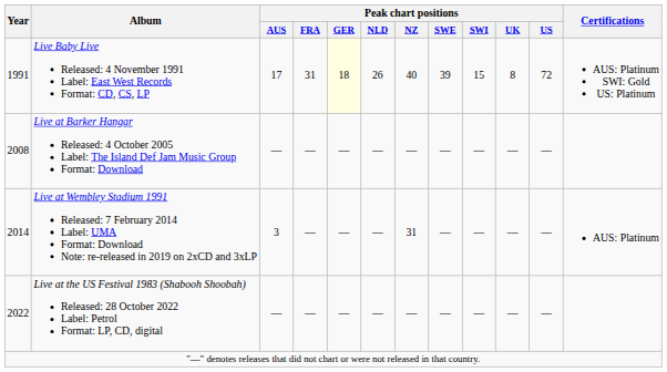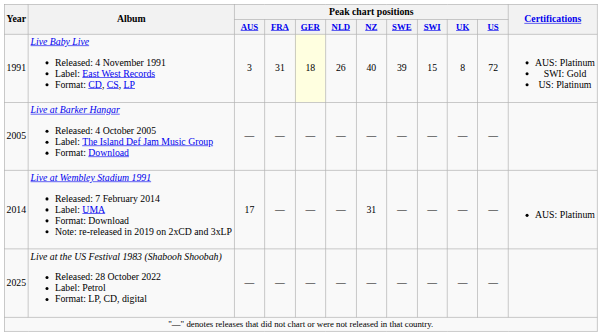 <table class="wikitable" style="text-align:center;">
 <tr>
 <th rowspan="2">Year</th>
 <th rowspan="2">Album</th>
 <th colspan="9">Peak chart positions</th>
 <th rowspan="2"><a href='#'>Certifications</a></th>
 </tr>
 <tr>
 <th style="width:3em;font-size:90%;"><a href='#'>AUS</a><br></th>
 <th style="width:3em;font-size:90%;"><a href='#'>FRA</a><br></th>
 <th style="width:3em;font-size:90%;"><a href='#'>GER</a><br></th>
 <th style="width:3em;font-size:90%;"><a href='#'>NLD</a><br></th>
 <th style="width:3em;font-size:90%;"><a href='#'>NZ</a><br></th>
 <th style="width:3em;font-size:90%;"><a href='#'>SWE</a><br></th>
 <th style="width:3em;font-size:90%;"><a href='#'>SWI</a><br></th>
 <th style="width:3em;font-size:90%;"><a href='#'>UK</a><br></th>
 <th style="width:3em;font-size:90%;"><a href='#'>US</a><br></th>
 </tr>
 <tr>
 <td>1991</td>
 <td style="text-align:left;"><em><a href='#'>Live Baby Live</a></em><br><ul><li>Released: 4 November 1991</li><li>Label: <a href='#'>East West Records</a></li><li>Format: <a href='#'>CD</a>, <a href='#'>CS</a>, <a href='#'>LP</a></li></ul></td>
-<td>17</td>
+<td>3</td>
 <td>31</td>
 <td style="background: lightyellow;">18</td>
 <td>26</td>
 <td>40</td>
 <td>39</td>
 <td>15</td>
 <td>8</td>
 <td>72</td>
 <td><br><ul><li>AUS: Platinum</li><li>SWI: Gold</li><li>US: Platinum</li></ul></td>
 </tr>
 <tr>
-<td>2008</td>
+<td>2005</td>
 <td style="text-align:left;"><em><a href='#'>Live at Barker Hangar</a></em><br><ul><li>Released: 4 October 2005</li><li>Label: <a href='#'>The Island Def Jam Music Group</a></li><li>Format: <a href='#'>Download</a></li></ul></td>
 <td>—</td>
 <td>—</td>
 <td>—</td>
 <td>—</td>
 <td>—</td>
 <td>—</td>
 <td>—</td>
 <td>—</td>
 <td>—</td>
 <td></td>
 </tr>
 <tr>
 <td>2014</td>
 <td style="text-align:left;"><em><a href='#'>Live at Wembley Stadium 1991</a></em><br><ul><li>Released: 7 February 2014</li><li>Label: <a href='#'>UMA</a></li><li>Format: Download</li><li>Note: re-released in 2019 on 2xCD and 3xLP</li></ul></td>
-<td>3</td>
+<td>17</td>
 <td>—</td>
 <td>—</td>
 <td>—</td>
 <td>31</td>
 <td>—</td>
 <td>—</td>
 <td>—</td>
 <td>—</td>
 <td><br><ul><li>AUS: Platinum</li></ul></td>
 </tr>
 <tr>
-<td>2022</td>
+<td>2025</td>
 <td style="text-align:left;"><em>Live at the US Festival 1983 (Shabooh Shoobah)</em><br><ul><li>Released: 28 October 2022</li><li>Label: Petrol</li><li>Format: LP, CD, digital</li></ul></td>
 <td>—</td>
 <td>—</td>
 <td>—</td>
 <td>—</td>
 <td>—</td>
 <td>—</td>
 <td>—</td>
 <td>—</td>
 <td>—</td>
 <td></td>
 </tr>
 <tr>
 <td colspan="12" style="text-align:center; font-size:90%;">"—" denotes releases that did not chart or were not released in that country.</td>
 </tr>
 </table>
